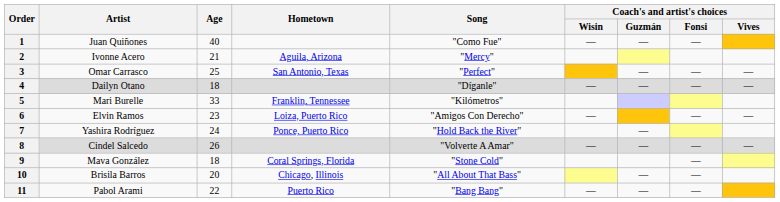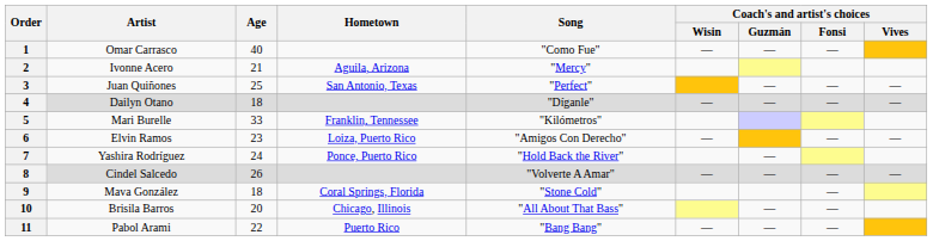 <table class="wikitable" style="text-align:center; line-height:17px; width:100%;">
 <tr>
 <th scope="col" rowspan="2" style="width:04%;">Order</th>
 <th scope="col" rowspan="2" style="width:18%;">Artist</th>
 <th scope="col" rowspan="2" style="width:04%;">Age</th>
 <th scope="col" rowspan="2" style="width:18%;">Hometown</th>
 <th scope="col" rowspan="2" style="width:20%;">Song</th>
 <th scope="col" colspan="4" style="width:24%;">Coach's and artist's choices</th>
 </tr>
 <tr>
 <th style="width:06%;">Wisin</th>
 <th style="width:06%;">Guzmán</th>
 <th style="width:06%;">Fonsi</th>
 <th style="width:06%;">Vives</th>
 </tr>
 <tr>
 <th>1</th>
-<td>Juan Quiñones</td>
+<td>Omar Carrasco</td>
 <td>40</td>
 <td></td>
 <td>"Como Fue"</td>
 <td>—</td>
 <td>—</td>
 <td>—</td>
 <td style="background:#ffc40c;"><strong></strong></td>
 </tr>
 <tr>
 <th>2</th>
 <td>Ivonne Acero</td>
 <td>21</td>
 <td><a href='#'>Aguila, Arizona</a></td>
 <td>"<a href='#'>Mercy</a>"</td>
 <td><strong></strong></td>
 <td style="background:#fdfc8f;"><strong></strong></td>
 <td><strong></strong></td>
 <td><strong></strong></td>
 </tr>
 <tr>
 <th>3</th>
-<td>Omar Carrasco</td>
+<td>Juan Quiñones</td>
 <td>25</td>
 <td><a href='#'>San Antonio, Texas</a></td>
 <td>"<a href='#'>Perfect</a>"</td>
 <td style="background:#ffc40c;"><strong></strong></td>
 <td>—</td>
 <td>—</td>
 <td>—</td>
 </tr>
 <tr style="background:#DCDCDC;">
 <th>4</th>
 <td>Dailyn Otano</td>
 <td>18</td>
 <td></td>
 <td>"Díganle"</td>
 <td>—</td>
 <td>—</td>
 <td>—</td>
 <td>—</td>
 </tr>
 <tr>
 <th>5</th>
 <td>Mari Burelle</td>
 <td>33</td>
 <td><a href='#'>Franklin, Tennessee</a></td>
 <td>"Kilómetros"</td>
 <td><strong></strong></td>
 <td style="background-color:#ccf;"><strong></strong></td>
 <td style="background:#fdfc8f;"><strong></strong></td>
 <td><strong></strong></td>
 </tr>
 <tr>
 <th>6</th>
 <td>Elvin Ramos</td>
 <td>23</td>
 <td><a href='#'>Loiza, Puerto Rico</a></td>
 <td>"Amigos Con Derecho"</td>
 <td>—</td>
 <td style="background:#ffc40c;"><strong></strong></td>
 <td>—</td>
 <td>—</td>
 </tr>
 <tr>
 <th>7</th>
 <td>Yashira Rodríguez</td>
 <td>24</td>
 <td><a href='#'>Ponce, Puerto Rico</a></td>
 <td>"<a href='#'>Hold Back the River</a>"</td>
 <td><strong></strong></td>
 <td>—</td>
 <td style="background:#fdfc8f;"><strong></strong></td>
 <td><strong></strong></td>
 </tr>
 <tr style="background:#DCDCDC;">
 <th>8</th>
 <td>Cindel Salcedo</td>
 <td>26</td>
 <td></td>
 <td>"Volverte A Amar"</td>
 <td>—</td>
 <td>—</td>
 <td>—</td>
 <td>—</td>
 </tr>
 <tr>
 <th>9</th>
 <td>Mava González</td>
 <td>18</td>
 <td><a href='#'>Coral Springs, Florida</a></td>
 <td>"<a href='#'>Stone Cold</a>"</td>
 <td><strong></strong></td>
 <td><strong></strong></td>
 <td>—</td>
 <td style="background:#fdfc8f;"><strong></strong></td>
 </tr>
 <tr>
 <th>10</th>
 <td>Brisila Barros</td>
 <td>20</td>
 <td><a href='#'>Chicago</a>, <a href='#'>Illinois</a></td>
 <td>"<a href='#'>All About That Bass</a>"</td>
 <td style="background:#fdfc8f;"><strong></strong></td>
 <td>—</td>
 <td>—</td>
 <td><strong></strong></td>
 </tr>
 <tr>
 <th>11</th>
 <td>Pabol Arami</td>
 <td>22</td>
 <td><a href='#'>Puerto Rico</a></td>
 <td>"<a href='#'>Bang Bang</a>"</td>
 <td>—</td>
 <td>—</td>
 <td>—</td>
 <td style="background:#ffc40c;"><strong></strong></td>
 </tr>
 </table>
